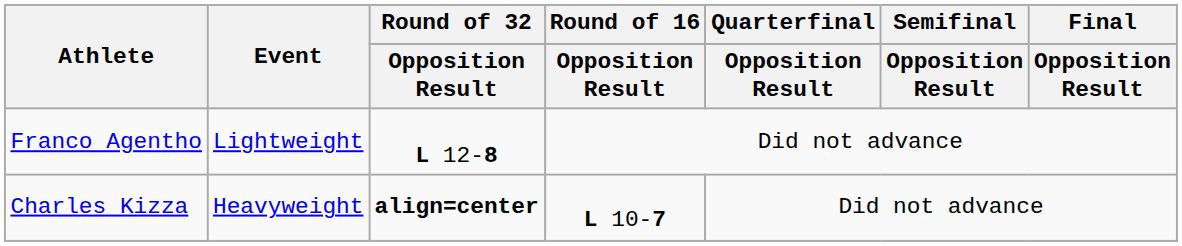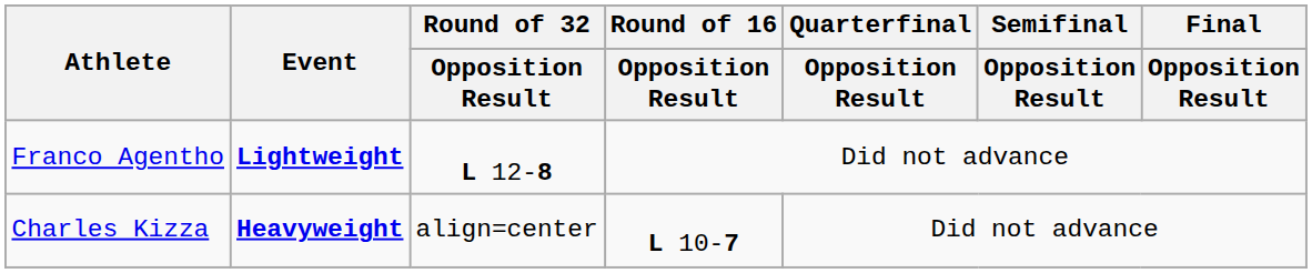 <table class=wikitable style=font-size:90%>
 <tr>
 <th rowspan=2>Athlete</th>
 <th rowspan=2>Event</th>
 <th>Round of 32</th>
 <th>Round of 16</th>
 <th>Quarterfinal</th>
 <th>Semifinal</th>
 <th>Final</th>
 </tr>
 <tr>
 <th>Opposition<br>Result</th>
 <th>Opposition<br>Result</th>
 <th>Opposition<br>Result</th>
 <th>Opposition<br>Result</th>
 <th>Opposition<br>Result</th>
 </tr>
 <tr>
 <td><a href='#'>Franco Agentho</a></td>
-<td><a href='#'>Lightweight</a></td>
+<td><strong><a href='#'>Lightweight</a></strong></td>
 <td align=center><br><strong>L</strong> 12-<strong>8</strong></td>
 <td colspan=4 align=center>Did not advance</td>
 </tr>
 <tr>
 <td><a href='#'>Charles Kizza</a></td>
-<td><a href='#'>Heavyweight</a></td>
-<td><strong>align=center </strong></td>
+<td><strong><a href='#'>Heavyweight</a></strong></td>
+<td>align=center </td>
 <td align=center><br><strong>L</strong> 10-<strong>7</strong></td>
 <td colspan=3 align=center>Did not advance</td>
 </tr>
 </table>
